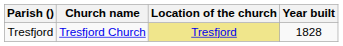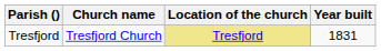 <table class="wikitable" style="text-align:center">
 <tr>
 <th>Parish ()</th>
 <th>Church name</th>
 <th>Location of the church</th>
 <th>Year built</th>
 </tr>
 <tr>
 <td rowspan="1">Tresfjord</td>
 <td><a href='#'>Tresfjord Church</a></td>
 <td style="background: khaki;"><a href='#'>Tresfjord</a></td>
-<td>1828</td>
+<td>1831</td>
 </tr>
 </table>
